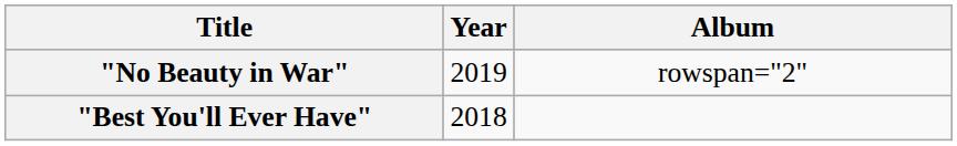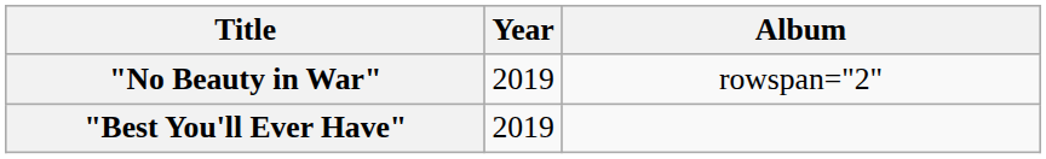 <table class="wikitable plainrowheaders" style="text-align:center">
 <tr>
 <th scope="col" style="width:15em;">Title</th>
 <th scope="col" style="width:1em;">Year</th>
 <th scope="col" style="width:15em;">Album</th>
 </tr>
 <tr>
 <th scope="row">"No Beauty in War"</th>
 <td>2019</td>
 <td>rowspan="2" </td>
 </tr>
 <tr>
 <th scope="row">"Best You'll Ever Have"</th>
-<td>2018</td>
+<td>2019</td>
 </tr>
 </table>
